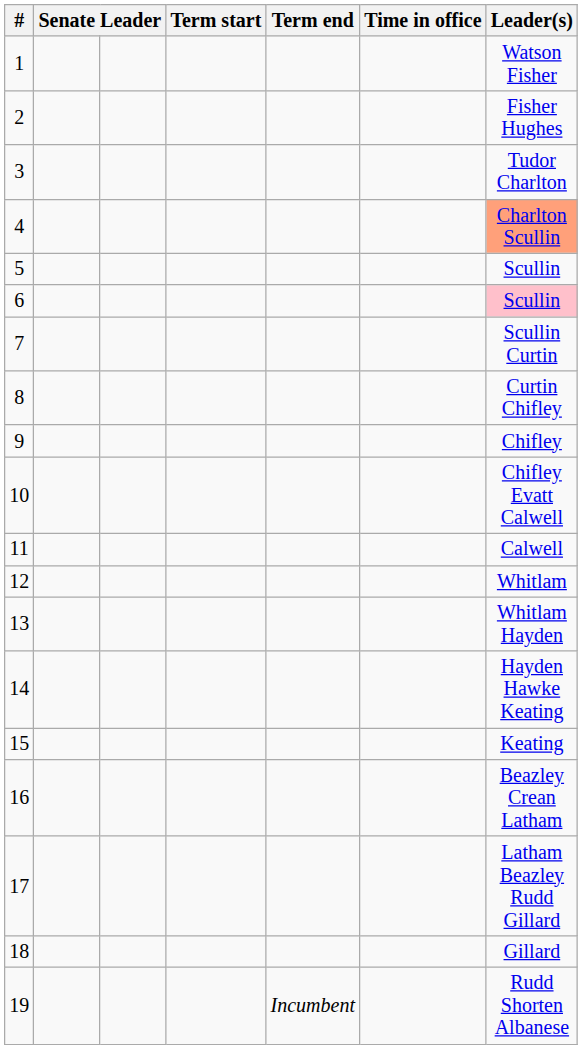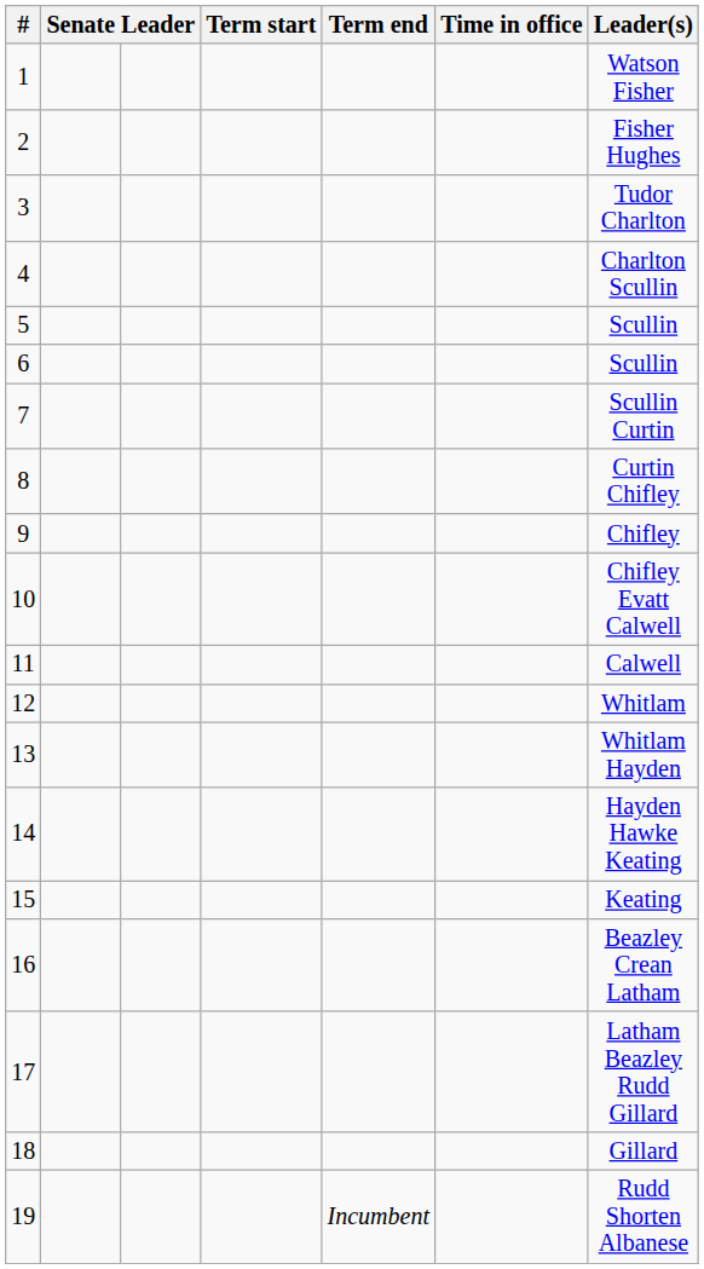 <table class="wikitable sortable">
 <tr>
 <th>#</th>
 <th colspan=2>Senate Leader</th>
 <th>Term start</th>
 <th>Term end</th>
 <th>Time in office</th>
 <th>Leader(s)</th>
 </tr>
 <tr align=center>
 <td>1</td>
 <td></td>
 <td></td>
 <td></td>
 <td></td>
 <td></td>
 <td><a href='#'>Watson</a><br><a href='#'>Fisher</a></td>
 </tr>
 <tr align=center>
 <td>2</td>
 <td></td>
 <td></td>
 <td></td>
 <td></td>
 <td></td>
 <td><a href='#'>Fisher</a><br><a href='#'>Hughes</a></td>
 </tr>
 <tr align=center>
 <td>3</td>
 <td></td>
 <td></td>
 <td></td>
 <td></td>
 <td></td>
 <td><a href='#'>Tudor</a><br><a href='#'>Charlton</a></td>
 </tr>
 <tr align=center>
 <td>4</td>
 <td></td>
 <td></td>
 <td></td>
 <td></td>
 <td></td>
-<td style="background: lightsalmon;"><a href='#'>Charlton</a><br><a href='#'>Scullin</a></td>
+<td><a href='#'>Charlton</a><br><a href='#'>Scullin</a></td>
 </tr>
 <tr align=center>
 <td>5</td>
 <td></td>
 <td></td>
 <td></td>
 <td></td>
 <td></td>
 <td><a href='#'>Scullin</a></td>
 </tr>
 <tr align=center>
 <td>6</td>
 <td></td>
 <td></td>
 <td></td>
 <td></td>
 <td></td>
-<td style="background: pink;"><a href='#'>Scullin</a></td>
+<td><a href='#'>Scullin</a></td>
 </tr>
 <tr align=center>
 <td>7</td>
 <td></td>
 <td></td>
 <td></td>
 <td></td>
 <td></td>
 <td><a href='#'>Scullin</a><br><a href='#'>Curtin</a></td>
 </tr>
 <tr align=center>
 <td>8</td>
 <td></td>
 <td></td>
 <td></td>
 <td></td>
 <td></td>
 <td><a href='#'>Curtin</a><br><a href='#'>Chifley</a></td>
 </tr>
 <tr align=center>
 <td>9</td>
 <td></td>
 <td></td>
 <td></td>
 <td></td>
 <td></td>
 <td><a href='#'>Chifley</a></td>
 </tr>
 <tr align=center>
 <td>10</td>
 <td></td>
 <td></td>
 <td></td>
 <td></td>
 <td></td>
 <td><a href='#'>Chifley</a><br><a href='#'>Evatt</a><br><a href='#'>Calwell</a></td>
 </tr>
 <tr align=center>
 <td>11</td>
 <td></td>
 <td></td>
 <td></td>
 <td></td>
 <td></td>
 <td><a href='#'>Calwell</a></td>
 </tr>
 <tr align=center>
 <td>12</td>
 <td></td>
 <td></td>
 <td></td>
 <td></td>
 <td></td>
 <td><a href='#'>Whitlam</a></td>
 </tr>
 <tr align=center>
 <td>13</td>
 <td></td>
 <td></td>
 <td></td>
 <td></td>
 <td></td>
 <td><a href='#'>Whitlam</a><br><a href='#'>Hayden</a></td>
 </tr>
 <tr align=center>
 <td>14</td>
 <td></td>
 <td></td>
 <td></td>
 <td></td>
 <td></td>
 <td><a href='#'>Hayden</a><br><a href='#'>Hawke</a><br><a href='#'>Keating</a></td>
 </tr>
 <tr align=center>
 <td>15</td>
 <td></td>
 <td></td>
 <td></td>
 <td></td>
 <td></td>
 <td><a href='#'>Keating</a></td>
 </tr>
 <tr align=center>
 <td>16</td>
 <td></td>
 <td></td>
 <td></td>
 <td></td>
 <td></td>
 <td><a href='#'>Beazley</a><br><a href='#'>Crean</a><br><a href='#'>Latham</a></td>
 </tr>
 <tr align=center>
 <td>17</td>
 <td></td>
 <td></td>
 <td></td>
 <td></td>
 <td></td>
 <td><a href='#'>Latham</a><br><a href='#'>Beazley</a><br><a href='#'>Rudd</a><br><a href='#'>Gillard</a></td>
 </tr>
 <tr align=center>
 <td>18</td>
 <td></td>
 <td></td>
 <td></td>
 <td></td>
 <td></td>
 <td><a href='#'>Gillard</a></td>
 </tr>
 <tr align=center>
 <td>19</td>
 <td></td>
 <td></td>
 <td></td>
 <td><em>Incumbent</em></td>
 <td></td>
 <td><a href='#'>Rudd</a><br><a href='#'>Shorten</a><br><a href='#'>Albanese</a></td>
 </tr>
 </table>
